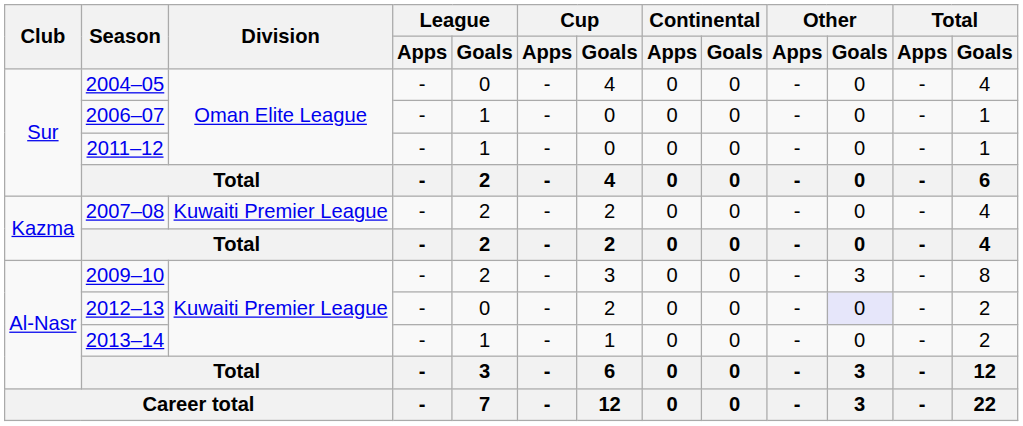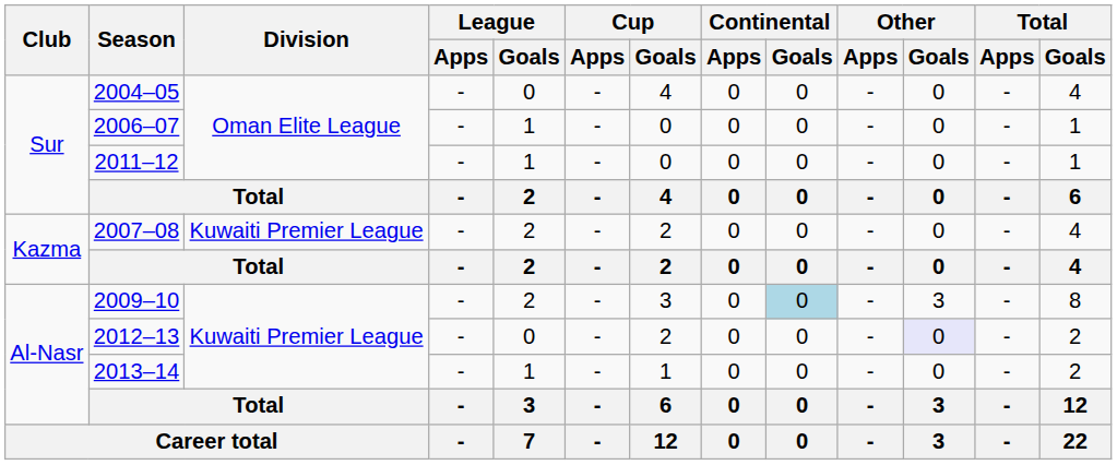 <table class="wikitable" style="text-align: center;">
 <tr>
 <th rowspan="2">Club</th>
 <th rowspan="2">Season</th>
 <th rowspan="2">Division</th>
 <th colspan="2">League</th>
 <th colspan="2">Cup</th>
 <th colspan="2">Continental</th>
 <th colspan="2">Other</th>
 <th colspan="2">Total</th>
 </tr>
 <tr>
 <th>Apps</th>
 <th>Goals</th>
 <th>Apps</th>
 <th>Goals</th>
 <th>Apps</th>
 <th>Goals</th>
 <th>Apps</th>
 <th>Goals</th>
 <th>Apps</th>
 <th>Goals</th>
 </tr>
 <tr>
 <td rowspan="4"><a href='#'>Sur</a></td>
 <td><a href='#'>2004–05</a></td>
 <td rowspan="3"><a href='#'>Oman Elite League</a></td>
 <td>-</td>
 <td>0</td>
 <td>-</td>
 <td>4</td>
 <td>0</td>
 <td>0</td>
 <td>-</td>
 <td>0</td>
 <td>-</td>
 <td>4</td>
 </tr>
 <tr>
 <td><a href='#'>2006–07</a></td>
 <td>-</td>
 <td>1</td>
 <td>-</td>
 <td>0</td>
 <td>0</td>
 <td>0</td>
 <td>-</td>
 <td>0</td>
 <td>-</td>
 <td>1</td>
 </tr>
 <tr>
 <td><a href='#'>2011–12</a></td>
 <td>-</td>
 <td>1</td>
 <td>-</td>
 <td>0</td>
 <td>0</td>
 <td>0</td>
 <td>-</td>
 <td>0</td>
 <td>-</td>
 <td>1</td>
 </tr>
 <tr>
 <th colspan="2">Total</th>
 <th>-</th>
 <th>2</th>
 <th>-</th>
 <th>4</th>
 <th>0</th>
 <th>0</th>
 <th>-</th>
 <th>0</th>
 <th>-</th>
 <th>6</th>
 </tr>
 <tr>
 <td rowspan="2"><a href='#'>Kazma</a></td>
 <td><a href='#'>2007–08</a></td>
 <td rowspan="1"><a href='#'>Kuwaiti Premier League</a></td>
 <td>-</td>
 <td>2</td>
 <td>-</td>
 <td>2</td>
 <td>0</td>
 <td>0</td>
 <td>-</td>
 <td>0</td>
 <td>-</td>
 <td>4</td>
 </tr>
 <tr>
 <th colspan="2">Total</th>
 <th>-</th>
 <th>2</th>
 <th>-</th>
 <th>2</th>
 <th>0</th>
 <th>0</th>
 <th>-</th>
 <th>0</th>
 <th>-</th>
 <th>4</th>
 </tr>
 <tr>
 <td rowspan="4"><a href='#'>Al-Nasr</a></td>
 <td><a href='#'>2009–10</a></td>
 <td rowspan="3"><a href='#'>Kuwaiti Premier League</a></td>
 <td>-</td>
 <td>2</td>
 <td>-</td>
 <td>3</td>
 <td>0</td>
-<td>0</td>
+<td style="background: lightblue;">0</td>
 <td>-</td>
 <td>3</td>
 <td>-</td>
 <td>8</td>
 </tr>
 <tr>
 <td><a href='#'>2012–13</a></td>
 <td>-</td>
 <td>0</td>
 <td>-</td>
 <td>2</td>
 <td>0</td>
 <td>0</td>
 <td>-</td>
 <td style="background: lavender;">0</td>
 <td>-</td>
 <td>2</td>
 </tr>
 <tr>
 <td><a href='#'>2013–14</a></td>
 <td>-</td>
 <td>1</td>
 <td>-</td>
 <td>1</td>
 <td>0</td>
 <td>0</td>
 <td>-</td>
 <td>0</td>
 <td>-</td>
 <td>2</td>
 </tr>
 <tr>
 <th colspan="2">Total</th>
 <th>-</th>
 <th>3</th>
 <th>-</th>
 <th>6</th>
 <th>0</th>
 <th>0</th>
 <th>-</th>
 <th>3</th>
 <th>-</th>
 <th>12</th>
 </tr>
 <tr>
 <th colspan="3">Career total</th>
 <th>-</th>
 <th>7</th>
 <th>-</th>
 <th>12</th>
 <th>0</th>
 <th>0</th>
 <th>-</th>
 <th>3</th>
 <th>-</th>
 <th>22</th>
 </tr>
 </table>
